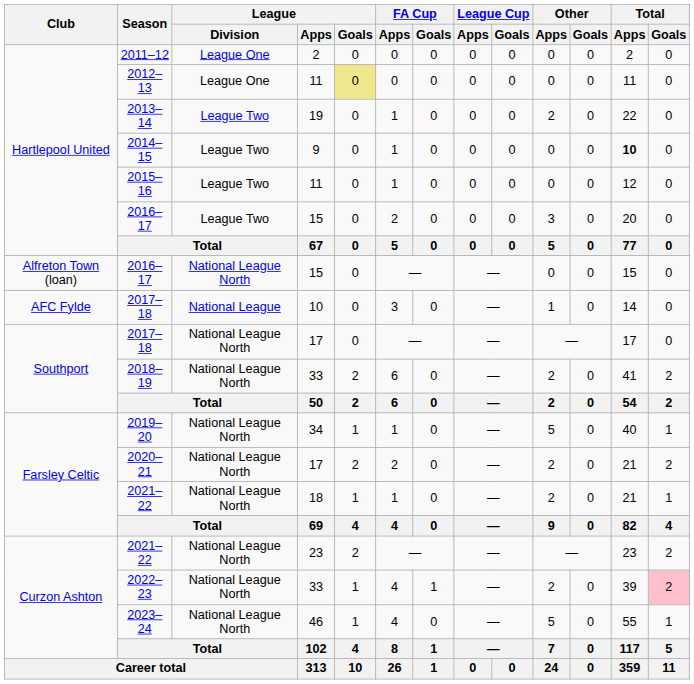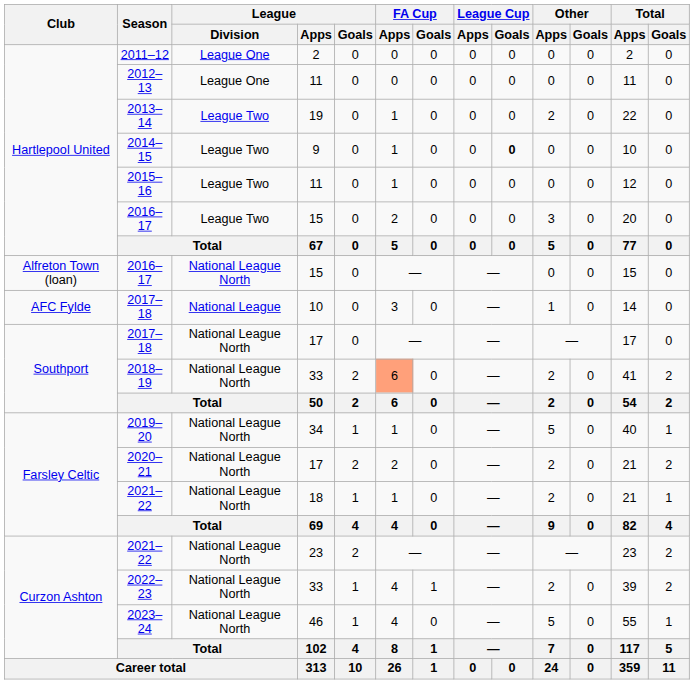 <table class="wikitable" style="text-align: center">
 <tr>
 <th rowspan="2">Club</th>
 <th rowspan="2">Season</th>
 <th colspan="3">League</th>
 <th colspan="2"><a href='#'>FA Cup</a></th>
 <th colspan="2"><a href='#'>League Cup</a></th>
 <th colspan="2">Other</th>
 <th colspan="2">Total</th>
 </tr>
 <tr>
 <th>Division</th>
 <th>Apps</th>
 <th>Goals</th>
 <th>Apps</th>
 <th>Goals</th>
 <th>Apps</th>
 <th>Goals</th>
 <th>Apps</th>
 <th>Goals</th>
 <th>Apps</th>
 <th>Goals</th>
 </tr>
 <tr>
 <td rowspan="7"><a href='#'>Hartlepool United</a></td>
 <td><a href='#'>2011–12</a></td>
 <td><a href='#'>League One</a></td>
 <td>2</td>
 <td>0</td>
 <td>0</td>
 <td>0</td>
 <td>0</td>
 <td>0</td>
 <td>0</td>
 <td>0</td>
 <td>2</td>
 <td>0</td>
 </tr>
 <tr>
 <td><a href='#'>2012–13</a></td>
 <td>League One</td>
 <td>11</td>
-<td style="background: khaki;">0</td>
+<td>0</td>
 <td>0</td>
 <td>0</td>
 <td>0</td>
 <td>0</td>
 <td>0</td>
 <td>0</td>
 <td>11</td>
 <td>0</td>
 </tr>
 <tr>
 <td><a href='#'>2013–14</a></td>
 <td><a href='#'>League Two</a></td>
 <td>19</td>
 <td>0</td>
 <td>1</td>
 <td>0</td>
 <td>0</td>
 <td>0</td>
 <td>2</td>
 <td>0</td>
 <td>22</td>
 <td>0</td>
 </tr>
 <tr>
 <td><a href='#'>2014–15</a></td>
 <td>League Two</td>
 <td>9</td>
 <td>0</td>
 <td>1</td>
 <td>0</td>
 <td>0</td>
+<td><strong>0</strong></td>
 <td>0</td>
 <td>0</td>
-<td>0</td>
-<td><strong>10</strong></td>
+<td>10</td>
 <td>0</td>
 </tr>
 <tr>
 <td><a href='#'>2015–16</a></td>
 <td>League Two</td>
 <td>11</td>
 <td>0</td>
 <td>1</td>
 <td>0</td>
 <td>0</td>
 <td>0</td>
 <td>0</td>
 <td>0</td>
 <td>12</td>
 <td>0</td>
 </tr>
 <tr>
 <td><a href='#'>2016–17</a></td>
 <td>League Two</td>
 <td>15</td>
 <td>0</td>
 <td>2</td>
 <td>0</td>
 <td>0</td>
 <td>0</td>
 <td>3</td>
 <td>0</td>
 <td>20</td>
 <td>0</td>
 </tr>
 <tr>
 <th colspan="2">Total</th>
 <th>67</th>
 <th>0</th>
 <th>5</th>
 <th>0</th>
 <th>0</th>
 <th>0</th>
 <th>5</th>
 <th>0</th>
 <th>77</th>
 <th>0</th>
 </tr>
 <tr>
 <td><a href='#'>Alfreton Town</a> (loan)</td>
 <td><a href='#'>2016–17</a></td>
 <td><a href='#'>National League North</a></td>
 <td>15</td>
 <td>0</td>
 <td colspan="2">—</td>
 <td colspan="2">—</td>
 <td>0</td>
 <td>0</td>
 <td>15</td>
 <td>0</td>
 </tr>
 <tr>
 <td><a href='#'>AFC Fylde</a></td>
 <td><a href='#'>2017–18</a></td>
 <td><a href='#'>National League</a></td>
 <td>10</td>
 <td>0</td>
 <td>3</td>
 <td>0</td>
 <td colspan="2">—</td>
 <td>1</td>
 <td>0</td>
 <td>14</td>
 <td>0</td>
 </tr>
 <tr>
 <td rowspan="3"><a href='#'>Southport</a></td>
 <td><a href='#'>2017–18</a></td>
 <td>National League North</td>
 <td>17</td>
 <td>0</td>
 <td colspan="2">—</td>
 <td colspan="2">—</td>
 <td colspan="2">—</td>
 <td>17</td>
 <td>0</td>
 </tr>
 <tr>
 <td><a href='#'>2018–19</a></td>
 <td>National League North</td>
 <td>33</td>
 <td>2</td>
-<td>6</td>
+<td style="background: lightsalmon;">6</td>
 <td>0</td>
 <td colspan="2">—</td>
 <td>2</td>
 <td>0</td>
 <td>41</td>
 <td>2</td>
 </tr>
 <tr>
 <th colspan="2">Total</th>
 <th>50</th>
 <th>2</th>
 <th>6</th>
 <th>0</th>
 <th colspan="2">—</th>
 <th>2</th>
 <th>0</th>
 <th>54</th>
 <th>2</th>
 </tr>
 <tr>
 <td rowspan="4"><a href='#'>Farsley Celtic</a></td>
 <td><a href='#'>2019–20</a></td>
 <td>National League North</td>
 <td>34</td>
 <td>1</td>
 <td>1</td>
 <td>0</td>
 <td colspan="2">—</td>
 <td>5</td>
 <td>0</td>
 <td>40</td>
 <td>1</td>
 </tr>
 <tr>
 <td><a href='#'>2020–21</a></td>
 <td>National League North</td>
 <td>17</td>
 <td>2</td>
 <td>2</td>
 <td>0</td>
 <td colspan="2">—</td>
 <td>2</td>
 <td>0</td>
 <td>21</td>
 <td>2</td>
 </tr>
 <tr>
 <td><a href='#'>2021–22</a></td>
 <td>National League North</td>
 <td>18</td>
 <td>1</td>
 <td>1</td>
 <td>0</td>
 <td colspan="2">—</td>
 <td>2</td>
 <td>0</td>
 <td>21</td>
 <td>1</td>
 </tr>
 <tr>
 <th colspan="2">Total</th>
 <th>69</th>
 <th>4</th>
 <th>4</th>
 <th>0</th>
 <th colspan="2">—</th>
 <th>9</th>
 <th>0</th>
 <th>82</th>
 <th>4</th>
 </tr>
 <tr>
 <td rowspan="4"><a href='#'>Curzon Ashton</a></td>
 <td><a href='#'>2021–22</a></td>
 <td>National League North</td>
 <td>23</td>
 <td>2</td>
 <td colspan="2">—</td>
 <td colspan="2">—</td>
 <td colspan="2">—</td>
 <td>23</td>
 <td>2</td>
 </tr>
 <tr>
 <td><a href='#'>2022–23</a></td>
 <td>National League North</td>
 <td>33</td>
 <td>1</td>
 <td>4</td>
 <td>1</td>
 <td colspan="2">—</td>
 <td>2</td>
 <td>0</td>
 <td>39</td>
-<td style="background: pink;">2</td>
+<td>2</td>
 </tr>
 <tr>
 <td><a href='#'>2023–24</a></td>
 <td>National League North</td>
 <td>46</td>
 <td>1</td>
 <td>4</td>
 <td>0</td>
 <td colspan="2">—</td>
 <td>5</td>
 <td>0</td>
 <td>55</td>
 <td>1</td>
 </tr>
 <tr>
 <th colspan="2">Total</th>
 <th>102</th>
 <th>4</th>
 <th>8</th>
 <th>1</th>
 <th colspan="2">—</th>
 <th>7</th>
 <th>0</th>
 <th>117</th>
 <th>5</th>
 </tr>
 <tr>
 <th colspan="3">Career total</th>
 <th>313</th>
 <th>10</th>
 <th>26</th>
 <th>1</th>
 <th>0</th>
 <th>0</th>
 <th>24</th>
 <th>0</th>
 <th>359</th>
 <th>11</th>
 </tr>
 </table>
